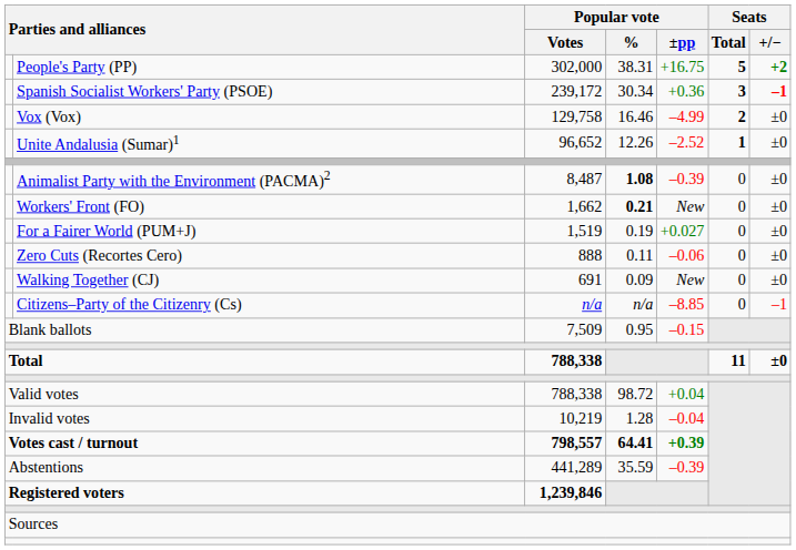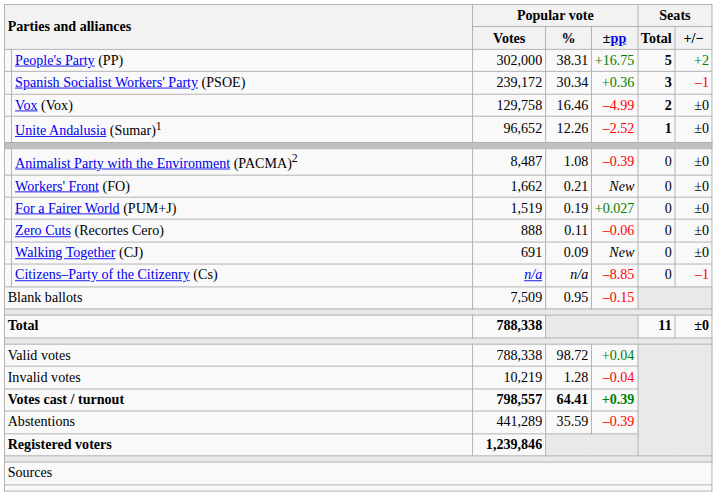 <table class="wikitable" style="text-align:right;">
 <tr>
 <th style="text-align:left;" rowspan="2" colspan="2" width="525">Parties and alliances</th>
 <th colspan="3">Popular vote</th>
 <th colspan="2">Seats</th>
 </tr>
 <tr>
 <th width="75">Votes</th>
 <th width="45">%</th>
 <th width="45">±<a href='#'>pp</a></th>
 <th width="35">Total</th>
 <th width="35">+/−</th>
 </tr>
 <tr>
 <td width="1" style="color:inherit;background:"></td>
 <td align="left"><a href='#'>People's Party</a> (PP)</td>
 <td>302,000</td>
 <td>38.31</td>
 <td style="color:green;">+16.75</td>
 <td><strong>5</strong></td>
-<td style="color:green;"><strong>+2</strong></td>
+<td style="color:green;">+2</td>
 </tr>
 <tr>
 <td style="color:inherit;background:"></td>
 <td align="left"><a href='#'>Spanish Socialist Workers' Party</a> (PSOE)</td>
 <td>239,172</td>
 <td>30.34</td>
 <td style="color:green;">+0.36</td>
 <td><strong>3</strong></td>
-<td style="color:red;"><strong>–1</strong></td>
+<td style="color:red;">–1</td>
 </tr>
 <tr>
 <td style="color:inherit;background:"></td>
 <td align="left"><a href='#'>Vox</a> (Vox)</td>
 <td>129,758</td>
 <td>16.46</td>
 <td style="color:red;">–4.99</td>
 <td><strong>2</strong></td>
 <td>±0</td>
 </tr>
 <tr>
 <td style="color:inherit;background:"></td>
 <td align="left"><a href='#'>Unite Andalusia</a> (Sumar)<sup>1</sup></td>
 <td>96,652</td>
 <td>12.26</td>
 <td style="color:red;">–2.52</td>
 <td><strong>1</strong></td>
 <td>±0</td>
 </tr>
 <tr>
 <td colspan="7" bgcolor="#C0C0C0"></td>
 </tr>
 <tr>
 <td style="color:inherit;background:"></td>
 <td align="left"><a href='#'>Animalist Party with the Environment</a> (PACMA)<sup>2</sup></td>
 <td>8,487</td>
-<td><strong>1.08</strong></td>
+<td>1.08</td>
 <td style="color:red;">–0.39</td>
 <td>0</td>
 <td>±0</td>
 </tr>
 <tr>
 <td style="color:inherit;background:"></td>
 <td align="left"><a href='#'>Workers' Front</a> (FO)</td>
 <td>1,662</td>
-<td><strong>0.21</strong></td>
+<td>0.21</td>
 <td><em>New</em></td>
 <td>0</td>
 <td>±0</td>
 </tr>
 <tr>
 <td style="color:inherit;background:"></td>
 <td align="left"><a href='#'>For a Fairer World</a> (PUM+J)</td>
 <td>1,519</td>
 <td>0.19</td>
 <td style="color:green;">+0.027</td>
 <td>0</td>
 <td>±0</td>
 </tr>
 <tr>
 <td style="color:inherit;background:"></td>
 <td align="left"><a href='#'>Zero Cuts</a> (Recortes Cero)</td>
 <td>888</td>
 <td>0.11</td>
 <td style="color:red;">–0.06</td>
 <td>0</td>
 <td>±0</td>
 </tr>
 <tr>
 <td style="color:inherit;background:"></td>
 <td align="left"><a href='#'>Walking Together</a> (CJ)</td>
 <td>691</td>
 <td>0.09</td>
 <td><em>New</em></td>
 <td>0</td>
 <td>±0</td>
 </tr>
 <tr>
 <td style="color:inherit;background:"></td>
 <td align="left"><a href='#'>Citizens–Party of the Citizenry</a> (Cs)</td>
 <td><em><a href='#'>n/a</a></em></td>
 <td><em>n/a</em></td>
 <td style="color:red;">–8.85</td>
 <td>0</td>
 <td style="color:red;">–1</td>
 </tr>
 <tr>
 <td align="left" colspan="2">Blank ballots</td>
 <td>7,509</td>
 <td>0.95</td>
 <td style="color:red;">–0.15</td>
 <td bgcolor="#E9E9E9" colspan="2"></td>
 </tr>
 <tr>
 <td colspan="7" bgcolor="#E9E9E9"></td>
 </tr>
 <tr style="font-weight:bold;">
 <td align="left" colspan="2">Total</td>
 <td>788,338</td>
 <td bgcolor="#E9E9E9" colspan="2"></td>
 <td>11</td>
 <td>±0</td>
 </tr>
 <tr>
 <td colspan="7" bgcolor="#E9E9E9"></td>
 </tr>
 <tr>
 <td align="left" colspan="2">Valid votes</td>
 <td>788,338</td>
 <td>98.72</td>
 <td style="color:green;">+0.04</td>
 <td bgcolor="#E9E9E9" colspan="2" rowspan="5"></td>
 </tr>
 <tr>
 <td align="left" colspan="2">Invalid votes</td>
 <td>10,219</td>
 <td>1.28</td>
 <td style="color:red;">–0.04</td>
 </tr>
 <tr style="font-weight:bold;">
 <td align="left" colspan="2">Votes cast / turnout</td>
 <td>798,557</td>
 <td>64.41</td>
 <td style="color:green;">+0.39</td>
 </tr>
 <tr>
 <td align="left" colspan="2">Abstentions</td>
 <td>441,289</td>
 <td>35.59</td>
 <td style="color:red;">–0.39</td>
 </tr>
 <tr style="font-weight:bold;">
 <td align="left" colspan="2">Registered voters</td>
 <td>1,239,846</td>
 <td bgcolor="#E9E9E9" colspan="2"></td>
 </tr>
 <tr>
 <td colspan="7" bgcolor="#E9E9E9"></td>
 </tr>
 <tr>
 <td align="left" colspan="7">Sources</td>
 </tr>
 <tr>
 <td colspan="7" style="text-align:left; max-width:790px;"></td>
 </tr>
 </table>
